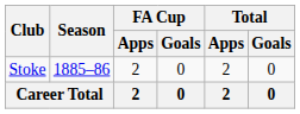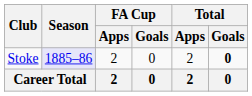 <table class="wikitable" style="text-align: center;">
 <tr>
 <th rowspan="2">Club</th>
 <th rowspan="2">Season</th>
 <th colspan="2">FA Cup</th>
 <th colspan="2">Total</th>
 </tr>
 <tr>
 <th>Apps</th>
 <th>Goals</th>
 <th>Apps</th>
 <th>Goals</th>
 </tr>
 <tr>
 <td><a href='#'>Stoke</a></td>
-<td><a href='#'>1885–86</a></td>
+<td style="background: lavender;"><a href='#'>1885–86</a></td>
 <td>2</td>
 <td>0</td>
 <td>2</td>
-<td>0</td>
+<td><strong>0</strong></td>
 </tr>
 <tr>
 <th colspan="2">Career Total</th>
 <th>2</th>
 <th>0</th>
 <th>2</th>
 <th>0</th>
 </tr>
 </table>
